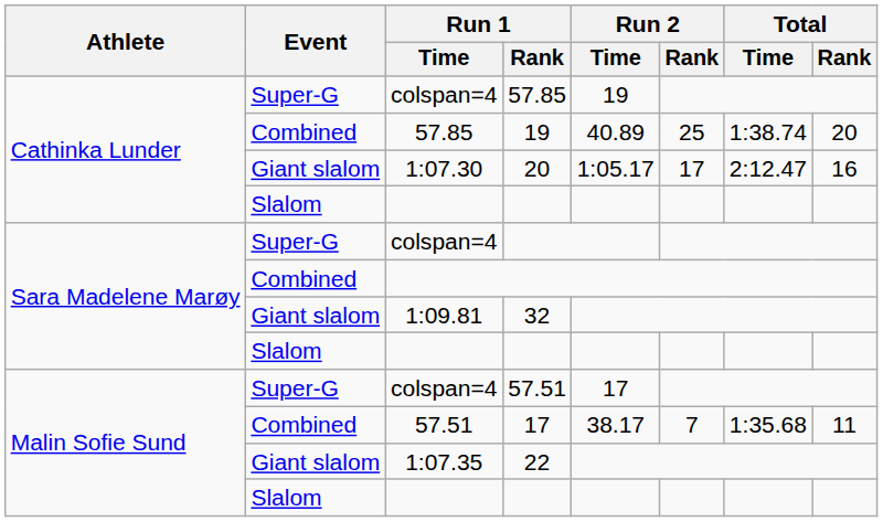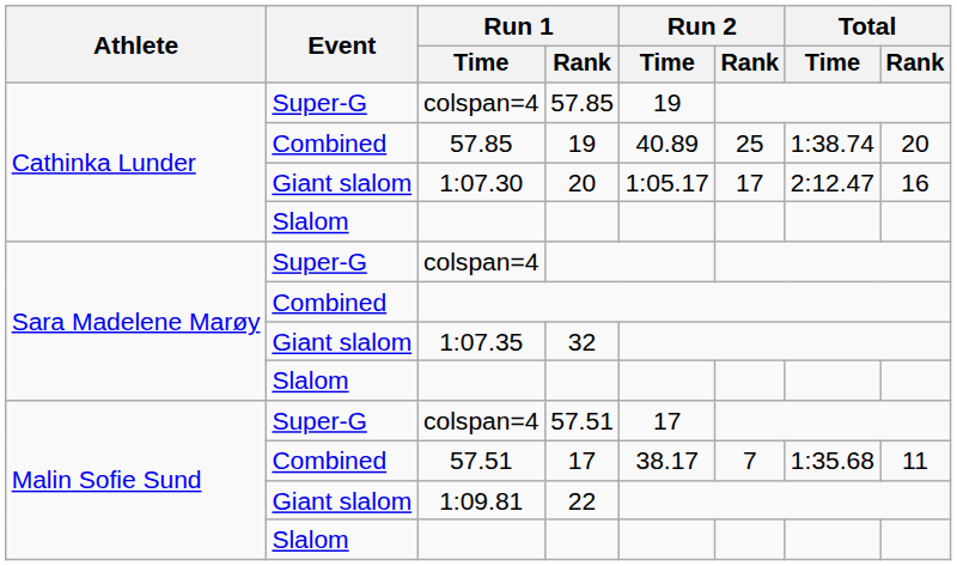 <table class="wikitable" style="font-size:90%">
 <tr>
 <th rowspan=2>Athlete</th>
 <th rowspan=2>Event</th>
 <th colspan=2>Run 1</th>
 <th colspan=2>Run 2</th>
 <th colspan=2>Total</th>
 </tr>
 <tr style="font-size:95%">
 <th>Time</th>
 <th>Rank</th>
 <th>Time</th>
 <th>Rank</th>
 <th>Time</th>
 <th>Rank</th>
 </tr>
 <tr align=center>
 <td align="left" rowspan="4"><a href='#'>Cathinka Lunder</a></td>
 <td align="left"><a href='#'>Super-G</a></td>
 <td>colspan=4</td>
 <td>57.85</td>
 <td>19</td>
 </tr>
 <tr align=center>
 <td align="left"><a href='#'>Combined</a></td>
 <td>57.85</td>
 <td>19</td>
 <td>40.89</td>
 <td>25</td>
 <td>1:38.74</td>
 <td>20</td>
 </tr>
 <tr align=center>
 <td align="left"><a href='#'>Giant slalom</a></td>
 <td>1:07.30</td>
 <td>20</td>
 <td>1:05.17</td>
 <td>17</td>
 <td>2:12.47</td>
 <td>16</td>
 </tr>
 <tr align=center>
 <td align="left"><a href='#'>Slalom</a></td>
 <td></td>
 <td></td>
 <td></td>
 <td></td>
 <td></td>
 <td></td>
 </tr>
 <tr align=center>
 <td align="left" rowspan="4"><a href='#'>Sara Madelene Marøy</a></td>
 <td align="left"><a href='#'>Super-G</a></td>
 <td>colspan=4</td>
 <td colspan=2></td>
 </tr>
 <tr align=center>
 <td align="left"><a href='#'>Combined</a></td>
 <td colspan=6></td>
 </tr>
 <tr align=center>
 <td align="left"><a href='#'>Giant slalom</a></td>
-<td>1:09.81</td>
+<td>1:07.35</td>
 <td>32</td>
 <td colspan=4></td>
 </tr>
 <tr align=center>
 <td align="left"><a href='#'>Slalom</a></td>
 <td></td>
 <td></td>
 <td></td>
 <td></td>
 <td></td>
 <td></td>
 </tr>
 <tr align=center>
 <td align="left" rowspan="4"><a href='#'>Malin Sofie Sund</a></td>
 <td align="left"><a href='#'>Super-G</a></td>
 <td>colspan=4</td>
 <td>57.51</td>
 <td>17</td>
 </tr>
 <tr align=center>
 <td align="left"><a href='#'>Combined</a></td>
 <td>57.51</td>
 <td>17</td>
 <td>38.17</td>
 <td>7</td>
 <td>1:35.68</td>
 <td>11</td>
 </tr>
 <tr align=center>
 <td align="left"><a href='#'>Giant slalom</a></td>
-<td>1:07.35</td>
+<td>1:09.81</td>
 <td>22</td>
 <td colspan=4></td>
 </tr>
 <tr align=center>
 <td align="left"><a href='#'>Slalom</a></td>
 <td></td>
 <td></td>
 <td></td>
 <td></td>
 <td></td>
 <td></td>
 </tr>
 </table>
